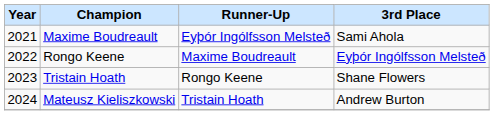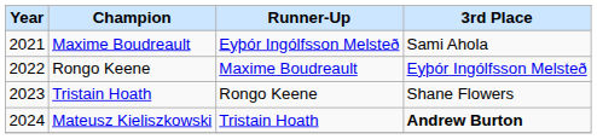 <table class="wikitable">
 <tr>
 <th style="background: #cce6ff;">Year</th>
 <th style="background: #cce6ff;">Champion</th>
 <th style="background: #cce6ff;">Runner-Up</th>
 <th style="background: #cce6ff;">3rd Place</th>
 </tr>
 <tr>
 <td>2021</td>
 <td> <a href='#'>Maxime Boudreault</a></td>
 <td> <a href='#'>Eyþór Ingólfsson Melsteð</a></td>
 <td> Sami Ahola</td>
 </tr>
 <tr>
 <td>2022</td>
 <td> Rongo Keene</td>
 <td> <a href='#'>Maxime Boudreault</a></td>
 <td> <a href='#'>Eyþór Ingólfsson Melsteð</a></td>
 </tr>
 <tr>
 <td>2023</td>
 <td> <a href='#'>Tristain Hoath</a></td>
 <td> Rongo Keene</td>
 <td> Shane Flowers</td>
 </tr>
 <tr>
 <td>2024</td>
 <td> <a href='#'>Mateusz Kieliszkowski</a></td>
 <td> <a href='#'>Tristain Hoath</a></td>
-<td> Andrew Burton</td>
+<td><strong> Andrew Burton</strong></td>
 </tr>
 <tr>
 </tr>
 </table>
